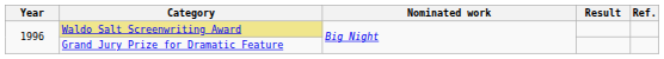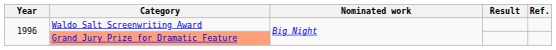 <table class=wikitable>
 <tr>
 <th scope="col" style="width:5em;">Year</th>
 <th scope="col" style="width:26em;">Category</th>
 <th scope="col" style="width:25em;">Nominated work</th>
 <th scope="col" style="width:5em;">Result</th>
 <th>Ref.</th>
 </tr>
 <tr>
 <td style="text-align:center;", rowspan="2">1996</td>
-<td style="background: khaki;"><a href='#'>Waldo Salt Screenwriting Award</a></td>
+<td><a href='#'>Waldo Salt Screenwriting Award</a></td>
 <td rowspan="2"><em><a href='#'>Big Night</a></em></td>
 <td></td>
 <td></td>
 </tr>
 <tr>
-<td><a href='#'>Grand Jury Prize for Dramatic Feature</a></td>
+<td style="background: lightsalmon;"><a href='#'>Grand Jury Prize for Dramatic Feature</a></td>
 <td></td>
 <td></td>
 </tr>
 </table>
